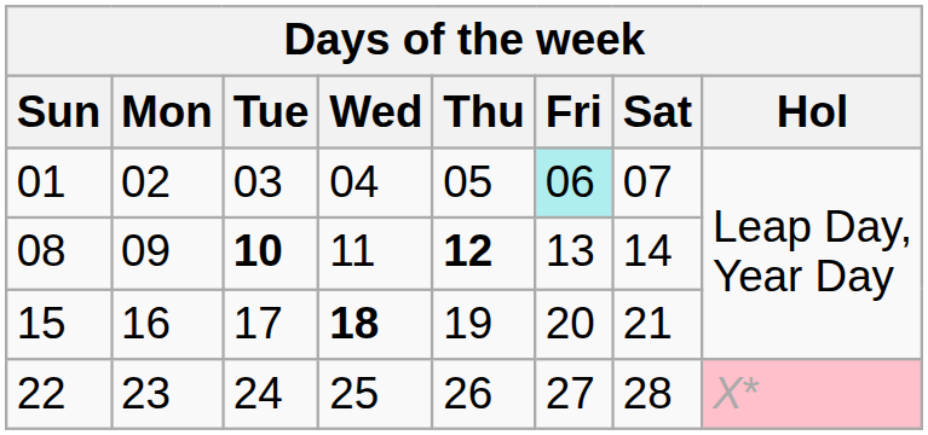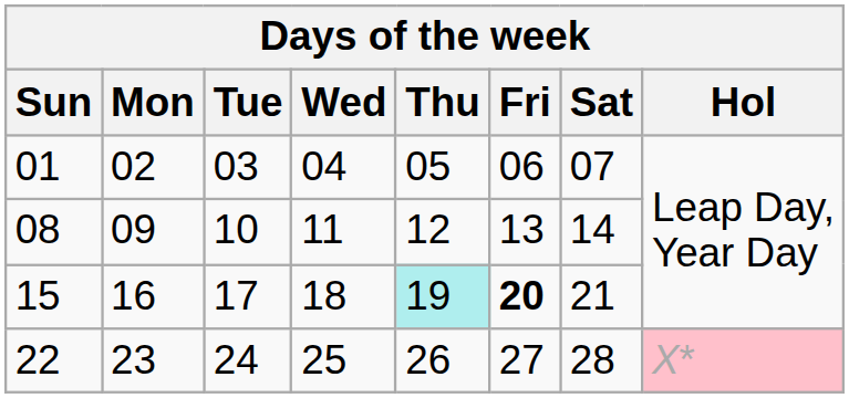 <table class="wikitable">
 <tr>
 <th scope="col"  colspan="8">Days of the week</th>
 </tr>
 <tr>
 <th scope="col" title="Sunday">Sun</th>
 <th scope="col"  title="Monday">Mon</th>
 <th scope="col"  title="Tuesday">Tue</th>
 <th scope="col"  title="Wednesday">Wed</th>
 <th scope="col"  title="Thursday">Thu</th>
 <th scope="col"  title="Friday">Fri</th>
 <th scope="col"  title="Saturday">Sat</th>
 <th scope="col" title="Holiday">Hol</th>
 </tr>
 <tr>
 <td>01</td>
 <td>02</td>
 <td>03</td>
 <td>04</td>
 <td>05</td>
-<td style="background: paleturquoise;">06</td>
+<td>06</td>
 <td>07</td>
 <td rowspan="3">Leap Day,<br> Year Day</td>
 </tr>
 <tr>
 <td>08</td>
 <td>09</td>
-<td><strong>10</strong></td>
+<td>10</td>
 <td>11</td>
-<td><strong>12</strong></td>
+<td>12</td>
 <td>13</td>
 <td>14</td>
 </tr>
 <tr>
 <td>15</td>
 <td>16</td>
 <td>17</td>
-<td><strong>18</strong></td>
-<td>19</td>
-<td>20</td>
+<td>18</td>
+<td style="background: paleturquoise;">19</td>
+<td><strong>20</strong></td>
 <td>21</td>
 </tr>
 <tr>
 <td>22</td>
 <td>23</td>
 <td>24</td>
 <td>25</td>
 <td>26</td>
 <td>27</td>
 <td>28</td>
 <td style="background: pink; color:#AAA"><em>X</em>*</td>
 </tr>
 </table>
